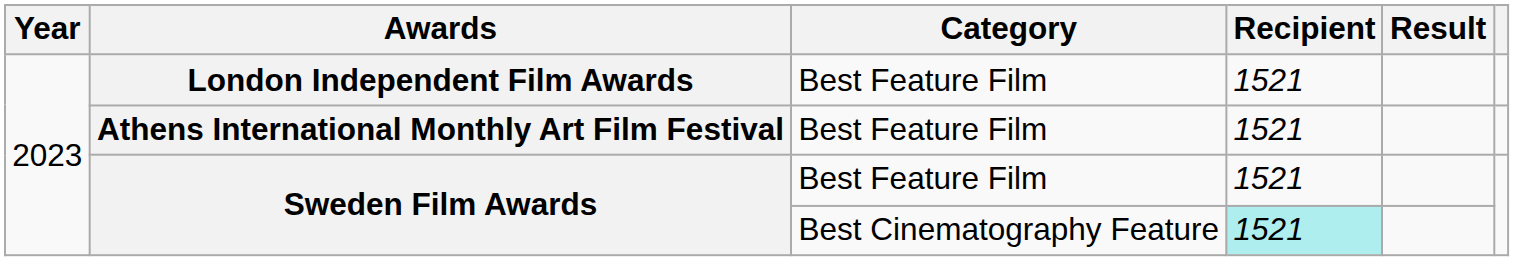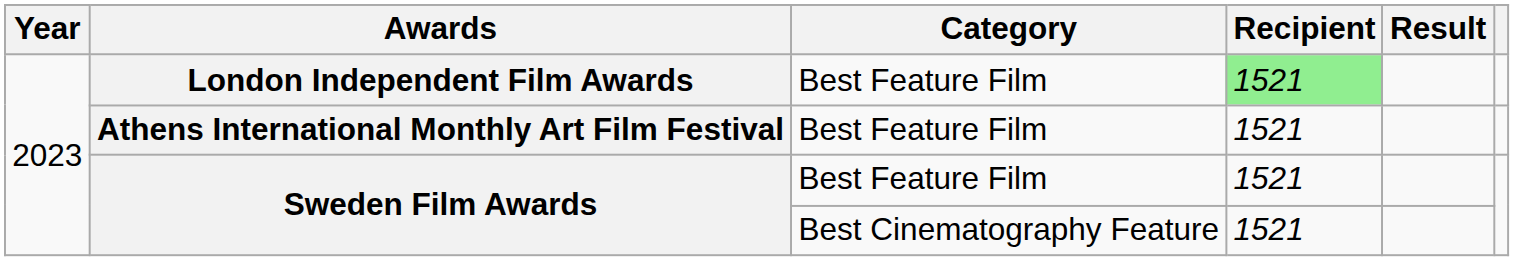 <table class="wikitable sortable plainrowheaders">
 <tr>
 <th>Year</th>
 <th>Awards</th>
 <th>Category</th>
 <th>Recipient</th>
 <th>Result</th>
 <th scope="col" class="unsortable"></th>
 </tr>
 <tr>
 <td rowspan="4">2023</td>
 <th scope="row">London Independent Film Awards</th>
 <td>Best Feature Film</td>
-<td><em>1521</em></td>
+<td style="background: lightgreen;"><em>1521</em></td>
 <td></td>
 <td></td>
 </tr>
 <tr>
 <th scope="row">Athens International Monthly Art Film Festival</th>
 <td>Best Feature Film</td>
 <td><em>1521</em></td>
 <td></td>
 <td></td>
 </tr>
 <tr>
 <th scope="row" rowspan="2">Sweden Film Awards</th>
 <td>Best Feature Film</td>
 <td><em>1521</em></td>
 <td></td>
 <td rowspan="2"></td>
 </tr>
 <tr>
 <td>Best Cinematography Feature</td>
-<td style="background: paleturquoise;"><em>1521</em></td>
+<td><em>1521</em></td>
 <td></td>
 </tr>
 </table>
